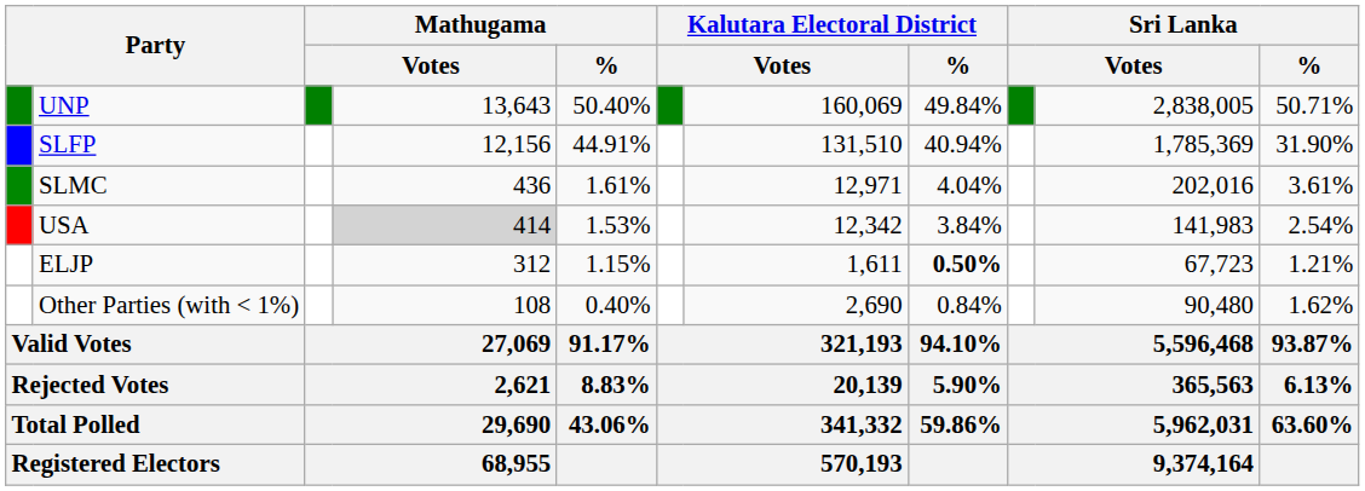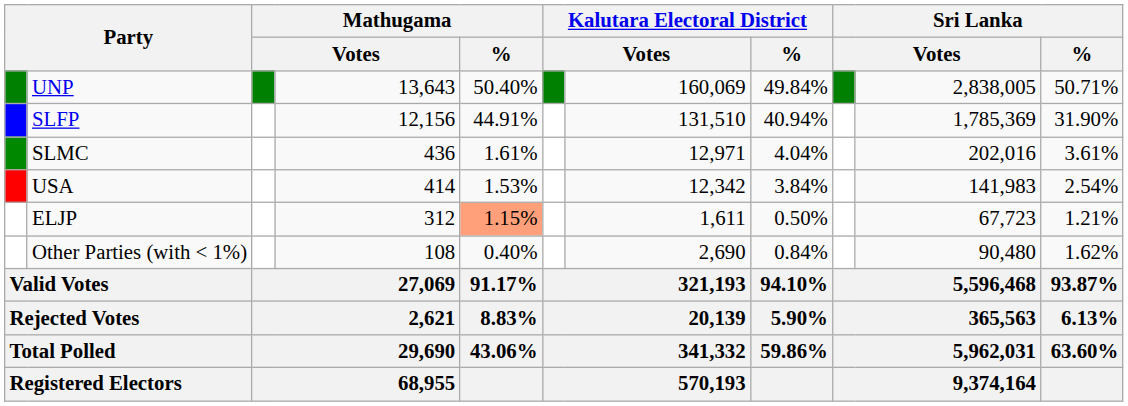 <table class="wikitable">
 <tr>
 <th colspan="2" width="144px"rowspan="2">Party</th>
 <th colspan="3" width="216px">Mathugama</th>
 <th colspan="3" width="216px"><a href='#'>Kalutara Electoral District</a></th>
 <th colspan="3" width="216px">Sri Lanka</th>
 </tr>
 <tr>
 <th colspan="2" width="144px">Votes</th>
 <th>%</th>
 <th colspan="2" width="144px">Votes</th>
 <th>%</th>
 <th colspan="2" width="144px">Votes</th>
 <th>%</th>
 </tr>
 <tr>
 <td style="background-color:green;" width="10px"></td>
 <td style="text-align:left;"><a href='#'>UNP</a></td>
 <td style="background-color:green;" width="10px"></td>
 <td style="text-align:right;">13,643</td>
 <td style="text-align:right;">50.40%</td>
 <td style="background-color:green;" width="10px"></td>
 <td style="text-align:right;">160,069</td>
 <td style="text-align:right;">49.84%</td>
 <td style="background-color:green;" width="10px"></td>
 <td style="text-align:right;">2,838,005</td>
 <td style="text-align:right;">50.71%</td>
 </tr>
 <tr>
 <td style="background-color:blue;" width="10px"></td>
 <td style="text-align:left;"><a href='#'>SLFP</a></td>
 <td style="background-color:white;" width="10px"></td>
 <td style="text-align:right;">12,156</td>
 <td style="text-align:right;">44.91%</td>
 <td style="background-color:white;" width="10px"></td>
 <td style="text-align:right;">131,510</td>
 <td style="text-align:right;">40.94%</td>
 <td style="background-color:white;" width="10px"></td>
 <td style="text-align:right;">1,785,369</td>
 <td style="text-align:right;">31.90%</td>
 </tr>
 <tr>
 <td style="background-color:#008800;" width="10px"></td>
 <td style="text-align:left;">SLMC</td>
 <td style="background-color:white;" width="10px"></td>
 <td style="text-align:right;">436</td>
 <td style="text-align:right;">1.61%</td>
 <td style="background-color:white;" width="10px"></td>
 <td style="text-align:right;">12,971</td>
 <td style="text-align:right;">4.04%</td>
 <td style="background-color:white;" width="10px"></td>
 <td style="text-align:right;">202,016</td>
 <td style="text-align:right;">3.61%</td>
 </tr>
 <tr>
 <td style="background-color:red;" width="10px"></td>
 <td style="text-align:left;">USA</td>
 <td style="background-color:white;" width="10px"></td>
-<td style="background: lightgrey; text-align:right;">414</td>
+<td style="text-align:right;">414</td>
 <td style="text-align:right;">1.53%</td>
 <td style="background-color:white;" width="10px"></td>
 <td style="text-align:right;">12,342</td>
 <td style="text-align:right;">3.84%</td>
 <td style="background-color:white;" width="10px"></td>
 <td style="text-align:right;">141,983</td>
 <td style="text-align:right;">2.54%</td>
 </tr>
 <tr>
 <td style="background-color:white;" width="10px"></td>
 <td style="text-align:left;">ELJP</td>
 <td style="background-color:white;" width="10px"></td>
 <td style="text-align:right;">312</td>
-<td style="text-align:right;">1.15%</td>
+<td style="background: lightsalmon; text-align:right;">1.15%</td>
 <td style="background-color:white;" width="10px"></td>
 <td style="text-align:right;">1,611</td>
-<td style="text-align:right;"><strong>0.50%</strong></td>
+<td style="text-align:right;">0.50%</td>
 <td style="background-color:white;" width="10px"></td>
 <td style="text-align:right;">67,723</td>
 <td style="text-align:right;">1.21%</td>
 </tr>
 <tr>
 <td style="background-color:white;" width="10px"></td>
 <td style="text-align:left;">Other Parties (with < 1%)</td>
 <td style="background-color:white;" width="10px"></td>
 <td style="text-align:right;">108</td>
 <td style="text-align:right;">0.40%</td>
 <td style="background-color:white;" width="10px"></td>
 <td style="text-align:right;">2,690</td>
 <td style="text-align:right;">0.84%</td>
 <td style="background-color:white;" width="10px"></td>
 <td style="text-align:right;">90,480</td>
 <td style="text-align:right;">1.62%</td>
 </tr>
 <tr>
 <th colspan="2" width="144px"style="text-align:left;">Valid Votes</th>
 <th style="text-align:right;"colspan="2" width="144px">27,069</th>
 <th style="text-align:right;">91.17%</th>
 <th style="text-align:right;"colspan="2" width="144px">321,193</th>
 <th style="text-align:right;">94.10%</th>
 <th style="text-align:right;"colspan="2" width="144px">5,596,468</th>
 <th style="text-align:right;">93.87%</th>
 </tr>
 <tr>
 <th colspan="2" width="144px"style="text-align:left;">Rejected Votes</th>
 <th style="text-align:right;"colspan="2" width="144px">2,621</th>
 <th style="text-align:right;">8.83%</th>
 <th style="text-align:right;"colspan="2" width="144px">20,139</th>
 <th style="text-align:right;">5.90%</th>
 <th style="text-align:right;"colspan="2" width="144px">365,563</th>
 <th style="text-align:right;">6.13%</th>
 </tr>
 <tr>
 <th colspan="2" width="144px"style="text-align:left;">Total Polled</th>
 <th style="text-align:right;"colspan="2" width="144px">29,690</th>
 <th style="text-align:right;">43.06%</th>
 <th style="text-align:right;"colspan="2" width="144px">341,332</th>
 <th style="text-align:right;">59.86%</th>
 <th style="text-align:right;"colspan="2" width="144px">5,962,031</th>
 <th style="text-align:right;">63.60%</th>
 </tr>
 <tr>
 <th colspan="2" width="144px"style="text-align:left;">Registered Electors</th>
 <th style="text-align:right;"colspan="2" width="144px">68,955</th>
 <th></th>
 <th style="text-align:right;"colspan="2" width="144px">570,193</th>
 <th></th>
 <th style="text-align:right;"colspan="2" width="144px">9,374,164</th>
 <th></th>
 </tr>
 </table>
